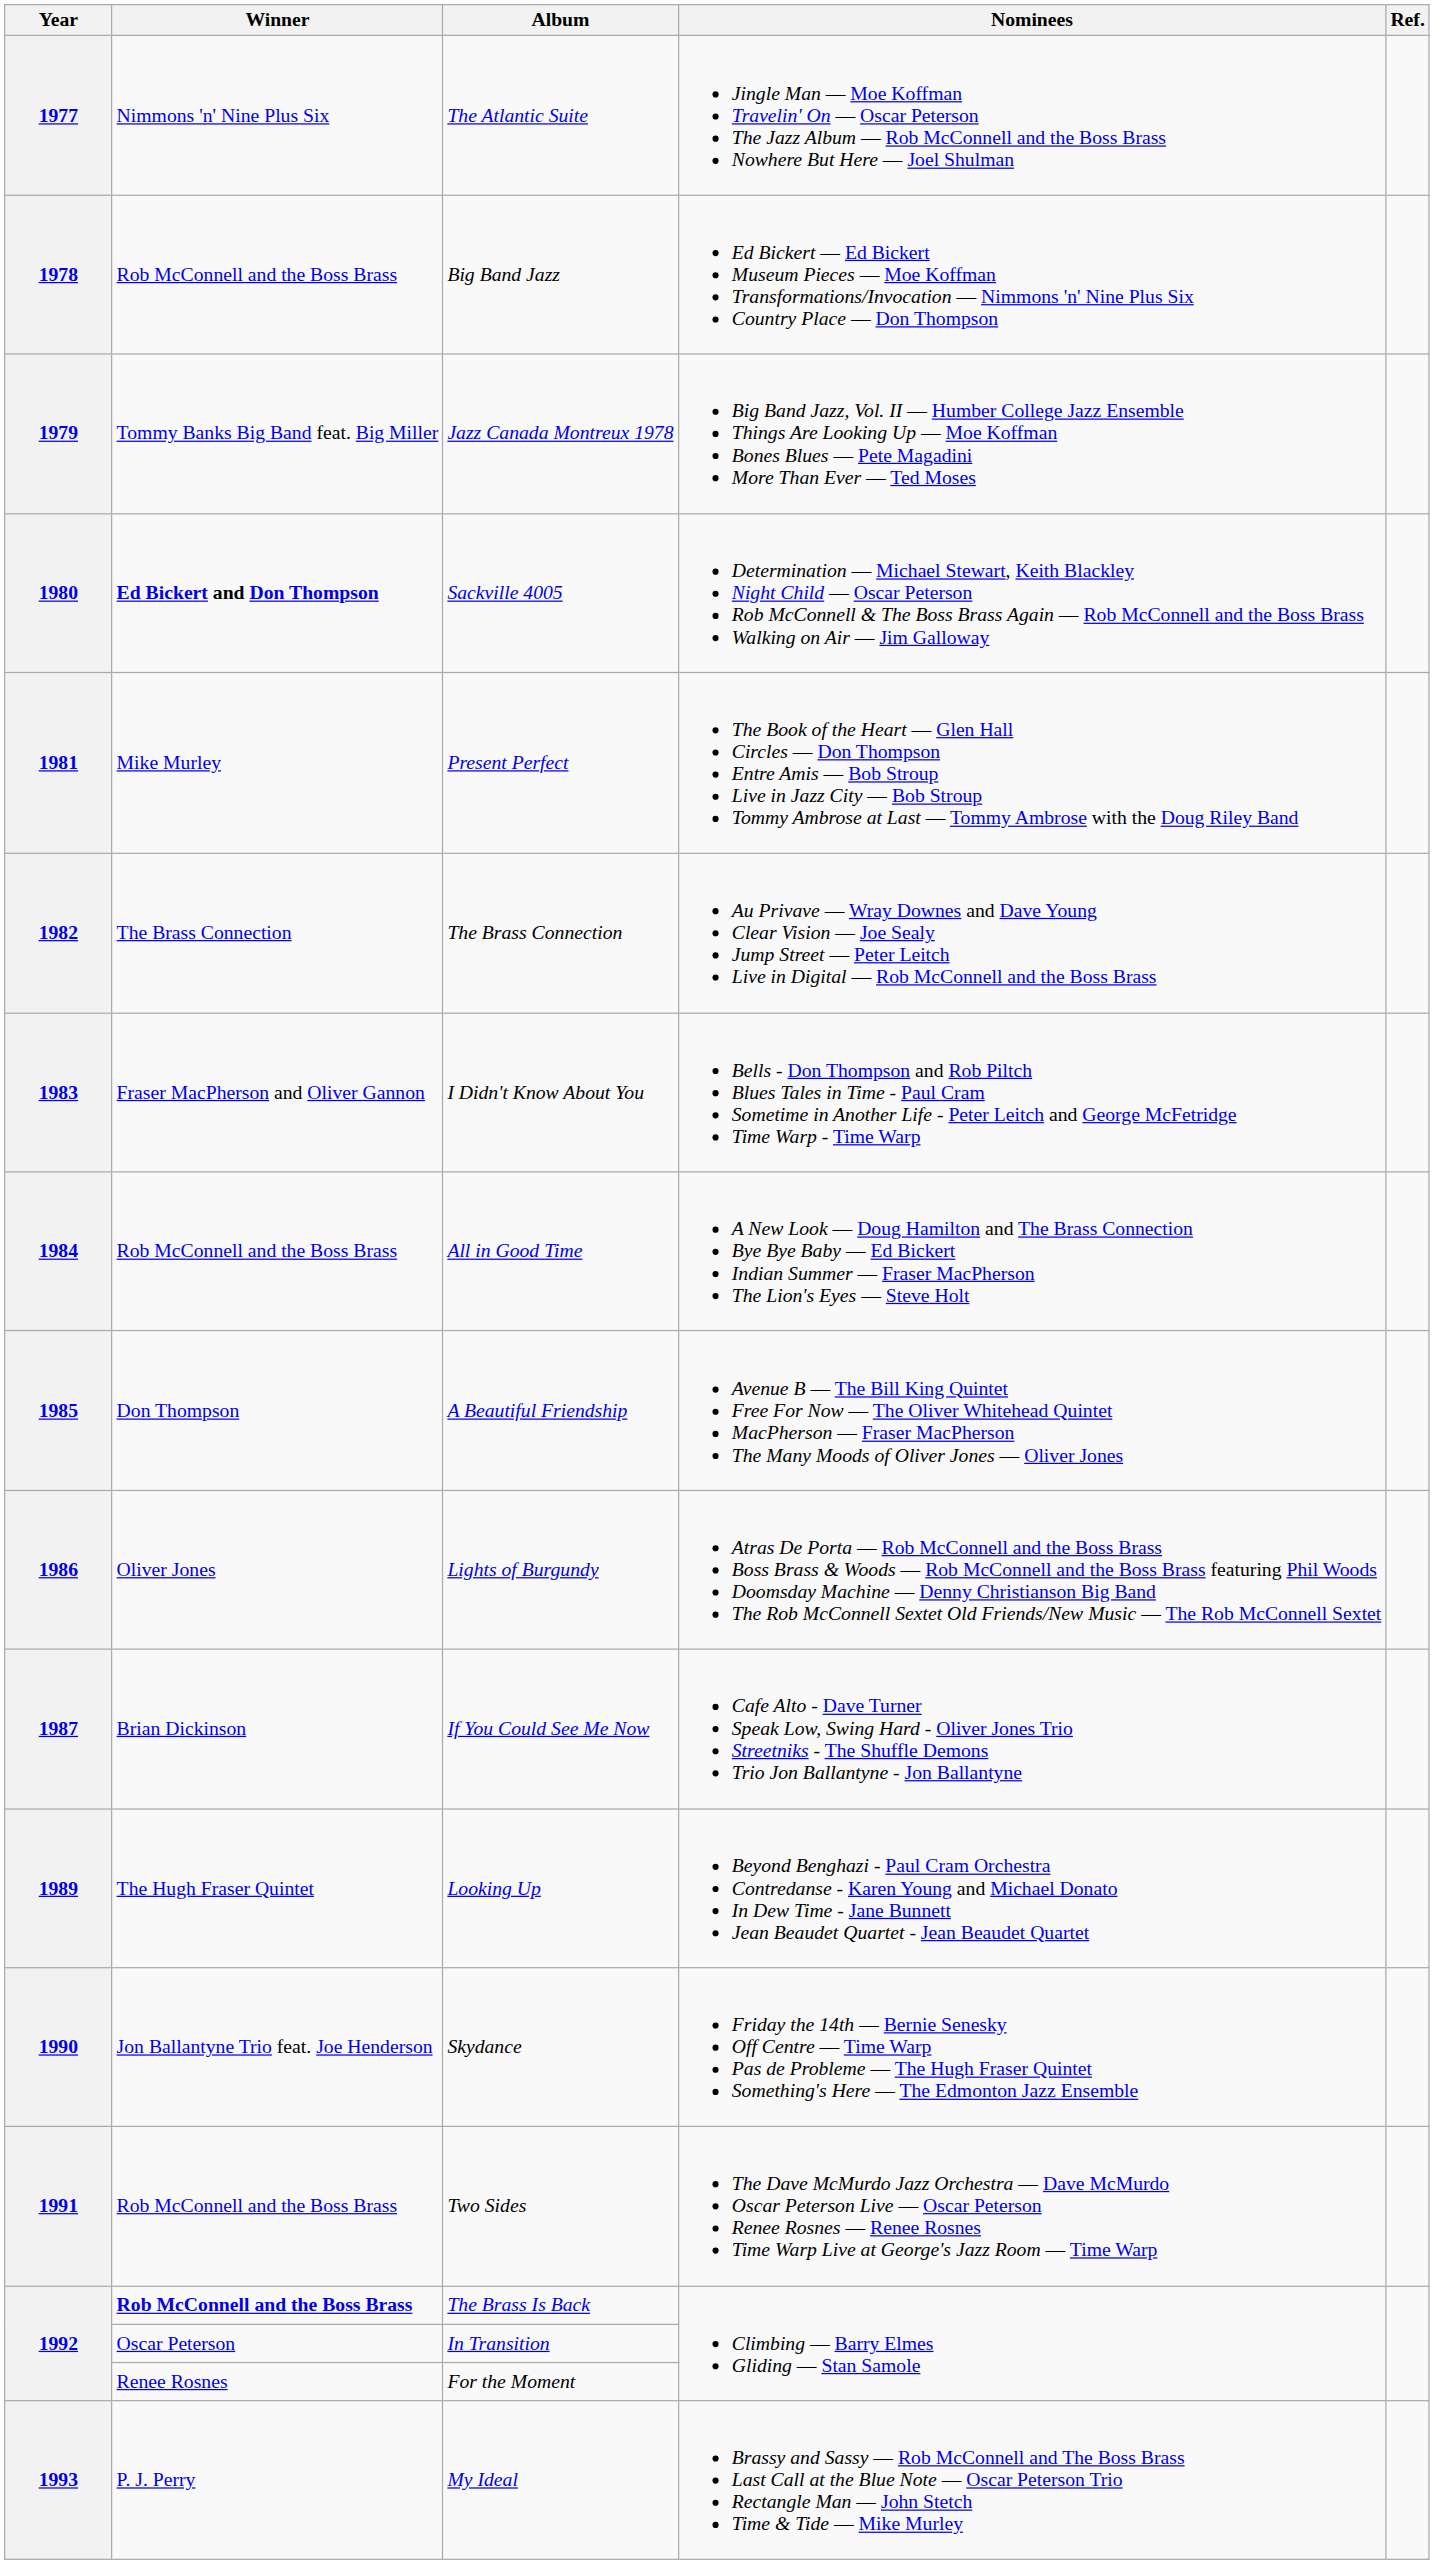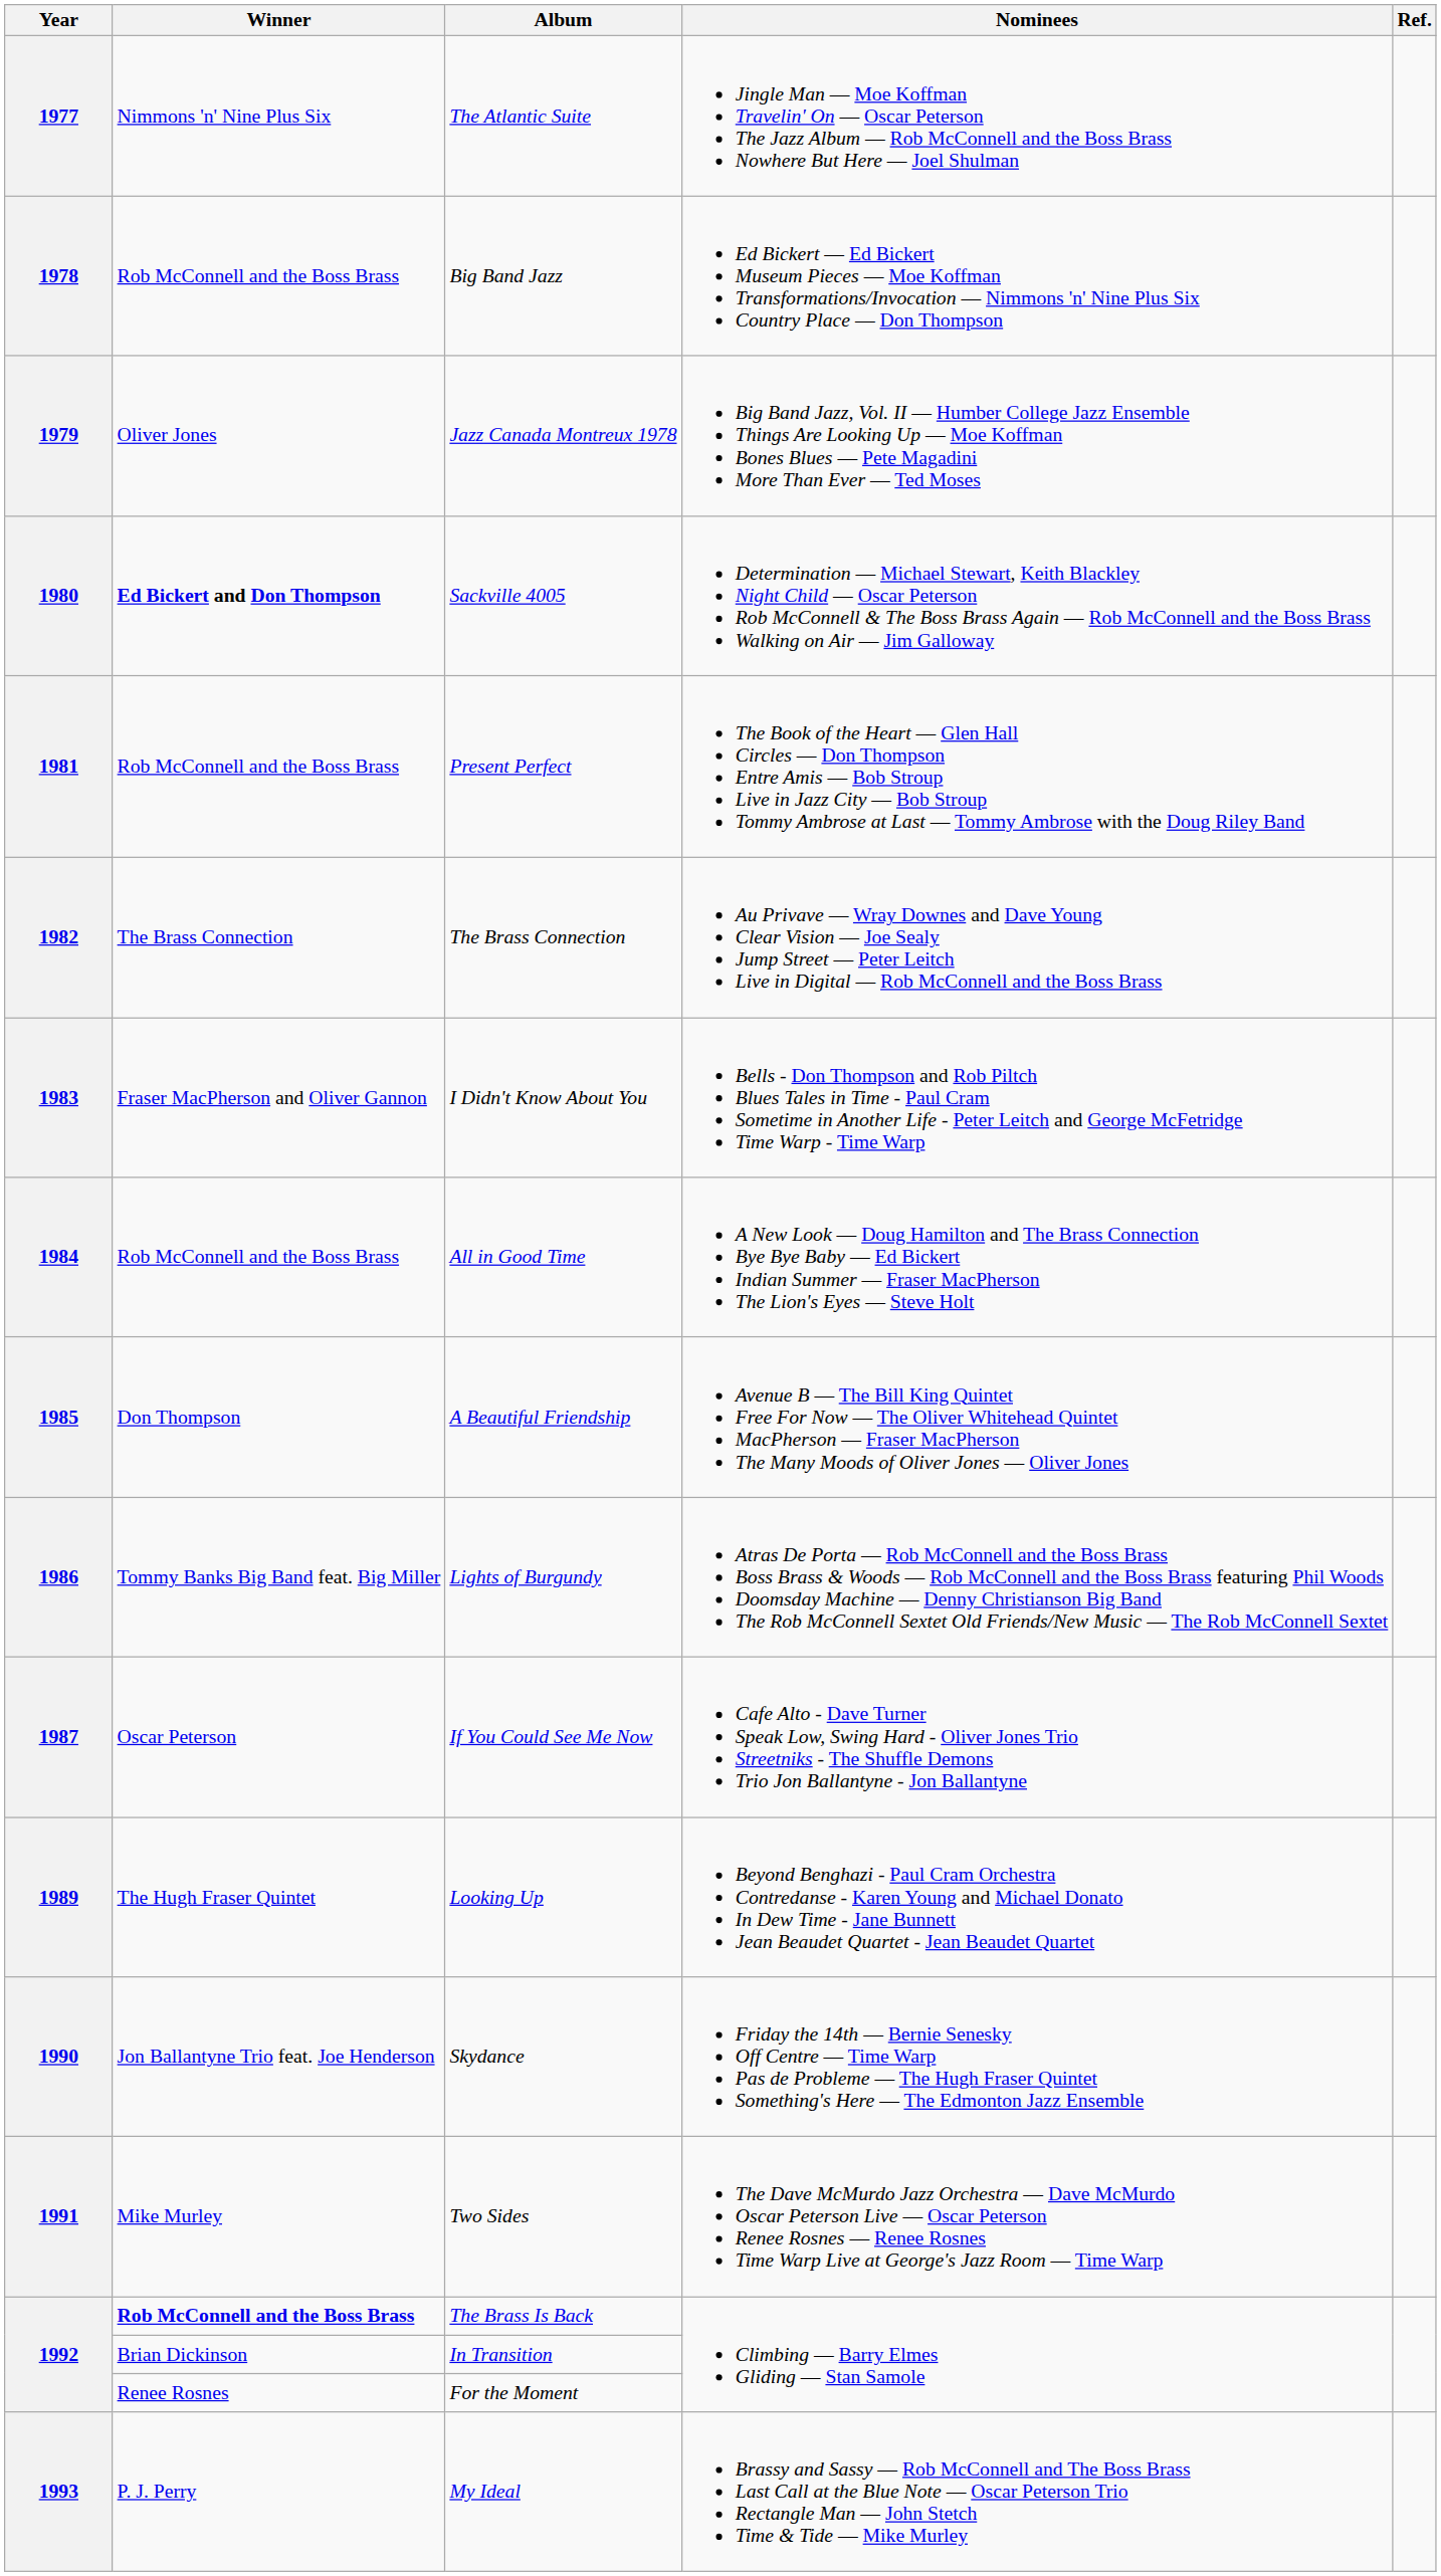 <table class="wikitable sortable">
 <tr>
 <th scope="col" style="width:5em;">Year</th>
 <th scope="col">Winner</th>
 <th scope="col">Album</th>
 <th scope="col" class="unsortable">Nominees</th>
 <th scope="col" class="unsortable">Ref.</th>
 </tr>
 <tr>
 <th scope="row"><a href='#'>1977</a></th>
 <td><a href='#'>Nimmons 'n' Nine Plus Six</a></td>
 <td><em><a href='#'>The Atlantic Suite</a></em></td>
 <td><br><ul><li><em>Jingle Man</em> — <a href='#'>Moe Koffman</a></li><li><em><a href='#'>Travelin' On</a></em> — <a href='#'>Oscar Peterson</a></li><li><em>The Jazz Album</em> — <a href='#'>Rob McConnell and the Boss Brass</a></li><li><em>Nowhere But Here</em> — <a href='#'>Joel Shulman</a></li></ul></td>
 <td align="center"></td>
 </tr>
 <tr>
 <th scope="row"><a href='#'>1978</a></th>
 <td><a href='#'>Rob McConnell and the Boss Brass</a></td>
 <td><em>Big Band Jazz</em></td>
 <td><br><ul><li><em>Ed Bickert</em> — <a href='#'>Ed Bickert</a></li><li><em>Museum Pieces</em> — <a href='#'>Moe Koffman</a></li><li><em>Transformations/Invocation</em> — <a href='#'>Nimmons 'n' Nine Plus Six</a></li><li><em>Country Place</em> — <a href='#'>Don Thompson</a></li></ul></td>
 <td align="center"></td>
 </tr>
 <tr>
 <th scope="row"><a href='#'>1979</a></th>
-<td><a href='#'>Tommy Banks Big Band</a> feat. <a href='#'>Big Miller</a></td>
+<td><a href='#'>Oliver Jones</a></td>
 <td><em><a href='#'>Jazz Canada Montreux 1978</a></em></td>
 <td><br><ul><li><em>Big Band Jazz, Vol. II</em> — <a href='#'>Humber College Jazz Ensemble</a></li><li><em>Things Are Looking Up</em> — <a href='#'>Moe Koffman</a></li><li><em>Bones Blues</em> — <a href='#'>Pete Magadini</a></li><li><em>More Than Ever</em> — <a href='#'>Ted Moses</a></li></ul></td>
 <td align="center"></td>
 </tr>
 <tr>
 <th scope="row"><a href='#'>1980</a></th>
 <td><strong><a href='#'>Ed Bickert</a> and <a href='#'>Don Thompson</a></strong></td>
 <td><em><a href='#'>Sackville 4005</a></em></td>
 <td><br><ul><li><em>Determination</em> — <a href='#'>Michael Stewart</a>, <a href='#'>Keith Blackley</a></li><li><em><a href='#'>Night Child</a></em> — <a href='#'>Oscar Peterson</a></li><li><em>Rob McConnell & The Boss Brass Again</em> — <a href='#'>Rob McConnell and the Boss Brass</a></li><li><em>Walking on Air</em> — <a href='#'>Jim Galloway</a></li></ul></td>
 <td align="center"></td>
 </tr>
 <tr>
 <th scope="row"><a href='#'>1981</a></th>
-<td><a href='#'>Mike Murley</a></td>
+<td><a href='#'>Rob McConnell and the Boss Brass</a></td>
 <td><em><a href='#'>Present Perfect</a></em></td>
 <td><br><ul><li><em>The Book of the Heart</em> — <a href='#'>Glen Hall</a></li><li><em>Circles</em> — <a href='#'>Don Thompson</a></li><li><em>Entre Amis</em> — <a href='#'>Bob Stroup</a></li><li><em>Live in Jazz City</em> — <a href='#'>Bob Stroup</a></li><li><em>Tommy Ambrose at Last</em> — <a href='#'>Tommy Ambrose</a> with the <a href='#'>Doug Riley Band</a></li></ul></td>
 <td align="center"></td>
 </tr>
 <tr>
 <th scope="row"><a href='#'>1982</a></th>
 <td><a href='#'>The Brass Connection</a></td>
 <td><em>The Brass Connection</em></td>
 <td><br><ul><li><em>Au Privave</em> — <a href='#'>Wray Downes</a> and <a href='#'>Dave Young</a></li><li><em>Clear Vision</em> — <a href='#'>Joe Sealy</a></li><li><em>Jump Street</em> — <a href='#'>Peter Leitch</a></li><li><em>Live in Digital</em> — <a href='#'>Rob McConnell and the Boss Brass</a></li></ul></td>
 <td align="center"></td>
 </tr>
 <tr>
 <th scope="row"><a href='#'>1983</a></th>
 <td><a href='#'>Fraser MacPherson</a> and <a href='#'>Oliver Gannon</a></td>
 <td><em>I Didn't Know About You</em></td>
 <td><br><ul><li><em>Bells</em> - <a href='#'>Don Thompson</a> and <a href='#'>Rob Piltch</a></li><li><em>Blues Tales in Time</em> - <a href='#'>Paul Cram</a></li><li><em>Sometime in Another Life</em> - <a href='#'>Peter Leitch</a> and <a href='#'>George McFetridge</a></li><li><em>Time Warp</em> - <a href='#'>Time Warp</a></li></ul></td>
 <td align="center"></td>
 </tr>
 <tr>
 <th scope="row"><a href='#'>1984</a></th>
 <td><a href='#'>Rob McConnell and the Boss Brass</a></td>
 <td><em><a href='#'>All in Good Time</a></em></td>
 <td><br><ul><li><em>A New Look</em> — <a href='#'>Doug Hamilton</a> and <a href='#'>The Brass Connection</a></li><li><em>Bye Bye Baby</em> — <a href='#'>Ed Bickert</a></li><li><em>Indian Summer</em> — <a href='#'>Fraser MacPherson</a></li><li><em>The Lion's Eyes</em> — <a href='#'>Steve Holt</a></li></ul></td>
 <td align="center"></td>
 </tr>
 <tr>
 <th scope="row"><a href='#'>1985</a></th>
 <td><a href='#'>Don Thompson</a></td>
 <td><em><a href='#'>A Beautiful Friendship</a></em></td>
 <td><br><ul><li><em>Avenue B</em> — <a href='#'>The Bill King Quintet</a></li><li><em>Free For Now</em> — <a href='#'>The Oliver Whitehead Quintet</a></li><li><em>MacPherson</em> — <a href='#'>Fraser MacPherson</a></li><li><em>The Many Moods of Oliver Jones</em> — <a href='#'>Oliver Jones</a></li></ul></td>
 <td align="center"></td>
 </tr>
 <tr>
 <th scope="row"><a href='#'>1986</a></th>
-<td><a href='#'>Oliver Jones</a></td>
+<td><a href='#'>Tommy Banks Big Band</a> feat. <a href='#'>Big Miller</a></td>
 <td><em><a href='#'>Lights of Burgundy</a></em></td>
 <td><br><ul><li><em>Atras De Porta</em> — <a href='#'>Rob McConnell and the Boss Brass</a></li><li><em>Boss Brass & Woods</em> — <a href='#'>Rob McConnell and the Boss Brass</a> featuring <a href='#'>Phil Woods</a></li><li><em>Doomsday Machine</em> — <a href='#'>Denny Christianson Big Band</a></li><li><em>The Rob McConnell Sextet Old Friends/New Music</em> — <a href='#'>The Rob McConnell Sextet</a></li></ul></td>
 <td align="center"></td>
 </tr>
 <tr>
 <th scope="row"><a href='#'>1987</a></th>
-<td><a href='#'>Brian Dickinson</a></td>
+<td><a href='#'>Oscar Peterson</a></td>
 <td><em><a href='#'>If You Could See Me Now</a></em></td>
 <td><br><ul><li><em>Cafe Alto</em> - <a href='#'>Dave Turner</a></li><li><em>Speak Low, Swing Hard</em> - <a href='#'>Oliver Jones Trio</a></li><li><em><a href='#'>Streetniks</a></em> - <a href='#'>The Shuffle Demons</a></li><li><em>Trio Jon Ballantyne</em> - <a href='#'>Jon Ballantyne</a></li></ul></td>
 <td align="center"></td>
 </tr>
 <tr>
 <th scope="row"><a href='#'>1989</a></th>
 <td><a href='#'>The Hugh Fraser Quintet</a></td>
 <td><em><a href='#'>Looking Up</a></em></td>
 <td><br><ul><li><em>Beyond Benghazi</em> - <a href='#'>Paul Cram Orchestra</a></li><li><em>Contredanse</em> - <a href='#'>Karen Young</a> and <a href='#'>Michael Donato</a></li><li><em>In Dew Time</em> - <a href='#'>Jane Bunnett</a></li><li><em>Jean Beaudet Quartet</em> - <a href='#'>Jean Beaudet Quartet</a></li></ul></td>
 <td align="center"></td>
 </tr>
 <tr>
 <th scope="row"><a href='#'>1990</a></th>
 <td><a href='#'>Jon Ballantyne Trio</a> feat. <a href='#'>Joe Henderson</a></td>
 <td><em>Skydance</em></td>
 <td><br><ul><li><em>Friday the 14th</em> — <a href='#'>Bernie Senesky</a></li><li><em>Off Centre</em> — <a href='#'>Time Warp</a></li><li><em>Pas de Probleme</em> — <a href='#'>The Hugh Fraser Quintet</a></li><li><em>Something's Here</em> — <a href='#'>The Edmonton Jazz Ensemble</a></li></ul></td>
 <td align="center"></td>
 </tr>
 <tr>
 <th scope="row"><a href='#'>1991</a></th>
-<td><a href='#'>Rob McConnell and the Boss Brass</a></td>
+<td><a href='#'>Mike Murley</a></td>
 <td><em>Two Sides</em></td>
 <td><br><ul><li><em>The Dave McMurdo Jazz Orchestra</em> — <a href='#'>Dave McMurdo</a></li><li><em>Oscar Peterson Live</em> — <a href='#'>Oscar Peterson</a></li><li><em>Renee Rosnes</em> — <a href='#'>Renee Rosnes</a></li><li><em>Time Warp Live at George's Jazz Room</em> — <a href='#'>Time Warp</a></li></ul></td>
 <td align="center"></td>
 </tr>
 <tr>
 <th scope="row" rowspan=3><a href='#'>1992</a></th>
 <td><strong><a href='#'>Rob McConnell and the Boss Brass</a></strong></td>
 <td><em><a href='#'>The Brass Is Back</a></em></td>
 <td rowspan=3><br><ul><li><em>Climbing</em> — <a href='#'>Barry Elmes</a></li><li><em>Gliding</em> — <a href='#'>Stan Samole</a></li></ul></td>
 <td rowspan=3 align="center"></td>
 </tr>
 <tr>
-<td><a href='#'>Oscar Peterson</a></td>
+<td><a href='#'>Brian Dickinson</a></td>
 <td><em><a href='#'>In Transition</a></em></td>
 </tr>
 <tr>
 <td><a href='#'>Renee Rosnes</a></td>
 <td><em>For the Moment</em></td>
 </tr>
 <tr>
 <th scope="row"><a href='#'>1993</a></th>
 <td><a href='#'>P. J. Perry</a></td>
 <td><em><a href='#'>My Ideal</a></em></td>
 <td><br><ul><li><em>Brassy and Sassy</em> — <a href='#'>Rob McConnell and The Boss Brass</a></li><li><em>Last Call at the Blue Note</em> — <a href='#'>Oscar Peterson Trio</a></li><li><em>Rectangle Man</em> — <a href='#'>John Stetch</a></li><li><em>Time & Tide</em> — <a href='#'>Mike Murley</a></li></ul></td>
 <td align="center"></td>
 </tr>
 </table>
